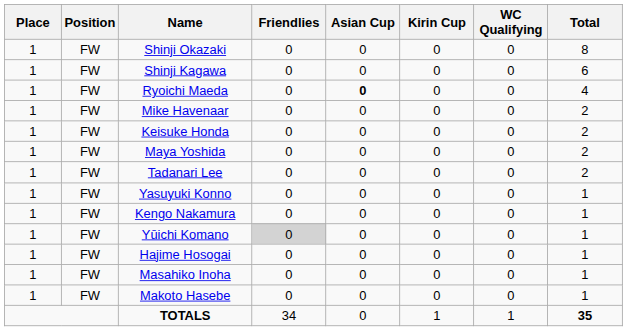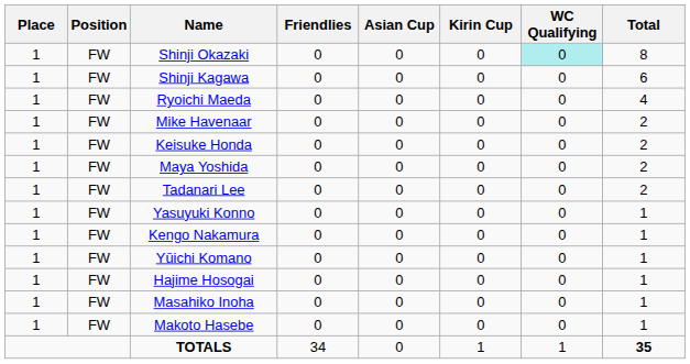 <table class="wikitable" style="font-size: 95%; text-align: center;">
 <tr>
 <th width=60>Place</th>
 <th width=60>Position</th>
 <th width=150>Name</th>
 <th width=80>Friendlies</th>
 <th width=80>Asian Cup</th>
 <th width=80>Kirin Cup</th>
 <th width=80>WC Qualifying</th>
 <th width=80>Total</th>
 </tr>
 <tr>
 <td>1</td>
 <td>FW</td>
 <td><a href='#'>Shinji Okazaki</a></td>
 <td>0</td>
 <td>0</td>
 <td>0</td>
-<td>0</td>
+<td style="background: paleturquoise;">0</td>
 <td>8</td>
 </tr>
 <tr>
 <td>1</td>
 <td>FW</td>
 <td><a href='#'>Shinji Kagawa</a></td>
 <td>0</td>
 <td>0</td>
 <td>0</td>
 <td>0</td>
 <td>6</td>
 </tr>
 <tr>
 <td>1</td>
 <td>FW</td>
 <td><a href='#'>Ryoichi Maeda</a></td>
 <td>0</td>
-<td><strong>0</strong></td>
+<td>0</td>
 <td>0</td>
 <td>0</td>
 <td>4</td>
 </tr>
 <tr>
 <td>1</td>
 <td>FW</td>
 <td><a href='#'>Mike Havenaar</a></td>
 <td>0</td>
 <td>0</td>
 <td>0</td>
 <td>0</td>
 <td>2</td>
 </tr>
 <tr>
 <td>1</td>
 <td>FW</td>
 <td><a href='#'>Keisuke Honda</a></td>
 <td>0</td>
 <td>0</td>
 <td>0</td>
 <td>0</td>
 <td>2</td>
 </tr>
 <tr>
 <td>1</td>
 <td>FW</td>
 <td><a href='#'>Maya Yoshida</a></td>
 <td>0</td>
 <td>0</td>
 <td>0</td>
 <td>0</td>
 <td>2</td>
 </tr>
 <tr>
 <td>1</td>
 <td>FW</td>
 <td><a href='#'>Tadanari Lee</a></td>
 <td>0</td>
 <td>0</td>
 <td>0</td>
 <td>0</td>
 <td>2</td>
 </tr>
 <tr>
 <td>1</td>
 <td>FW</td>
 <td><a href='#'>Yasuyuki Konno</a></td>
 <td>0</td>
 <td>0</td>
 <td>0</td>
 <td>0</td>
 <td>1</td>
 </tr>
 <tr>
 <td>1</td>
 <td>FW</td>
 <td><a href='#'>Kengo Nakamura</a></td>
 <td>0</td>
 <td>0</td>
 <td>0</td>
 <td>0</td>
 <td>1</td>
 </tr>
 <tr>
 <td>1</td>
 <td>FW</td>
 <td><a href='#'>Yūichi Komano</a></td>
-<td style="background: lightgrey;">0</td>
+<td>0</td>
 <td>0</td>
 <td>0</td>
 <td>0</td>
 <td>1</td>
 </tr>
 <tr>
 <td>1</td>
 <td>FW</td>
 <td><a href='#'>Hajime Hosogai</a></td>
 <td>0</td>
 <td>0</td>
 <td>0</td>
 <td>0</td>
 <td>1</td>
 </tr>
 <tr>
 <td>1</td>
 <td>FW</td>
 <td><a href='#'>Masahiko Inoha</a></td>
 <td>0</td>
 <td>0</td>
 <td>0</td>
 <td>0</td>
 <td>1</td>
 </tr>
 <tr>
 <td>1</td>
 <td>FW</td>
 <td><a href='#'>Makoto Hasebe</a></td>
 <td>0</td>
 <td>0</td>
 <td>0</td>
 <td>0</td>
 <td>1</td>
 </tr>
 <tr>
 <td colspan="2"></td>
 <td><strong>TOTALS</strong></td>
 <td>34</td>
 <td>0</td>
 <td>1</td>
 <td>1</td>
 <td><strong>35</strong></td>
 </tr>
 </table>
